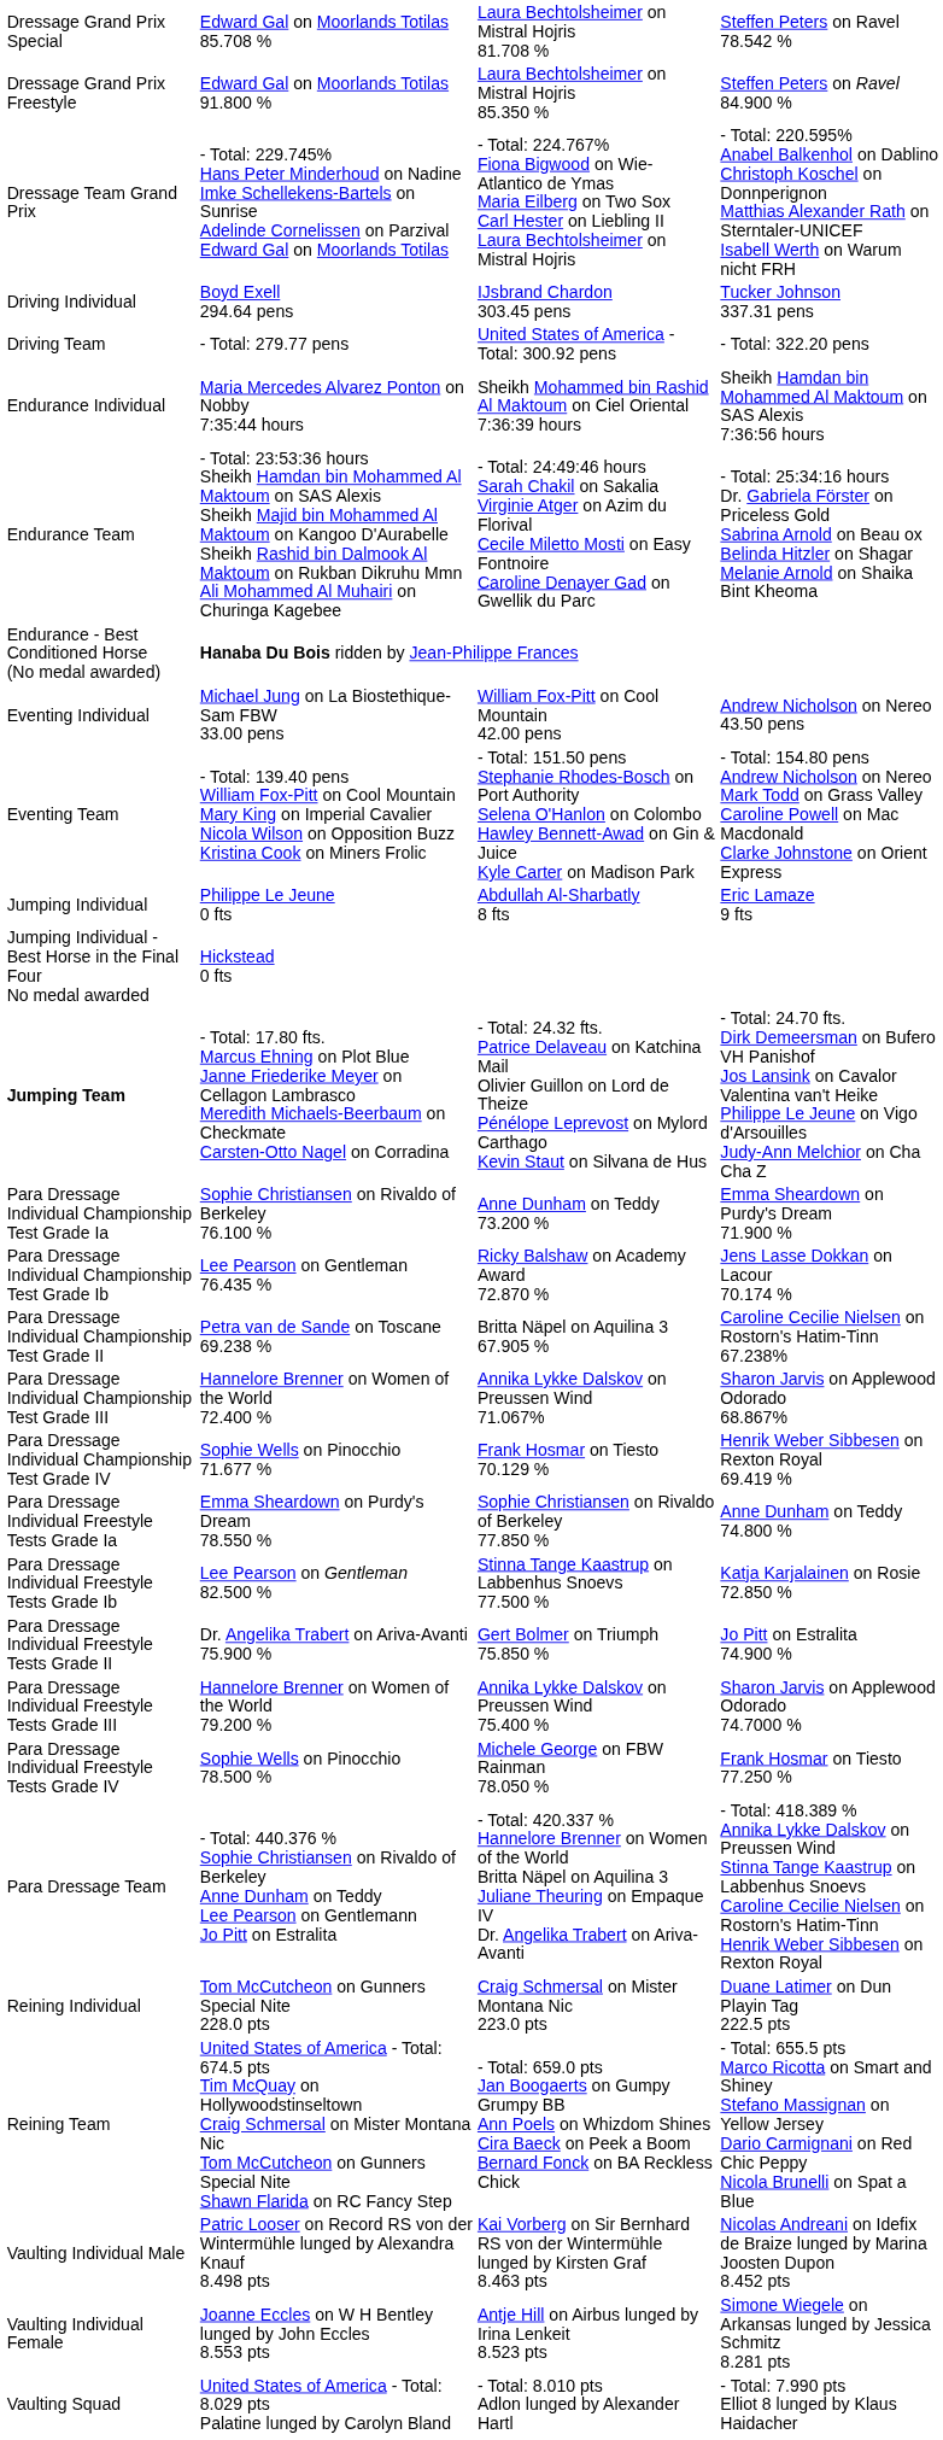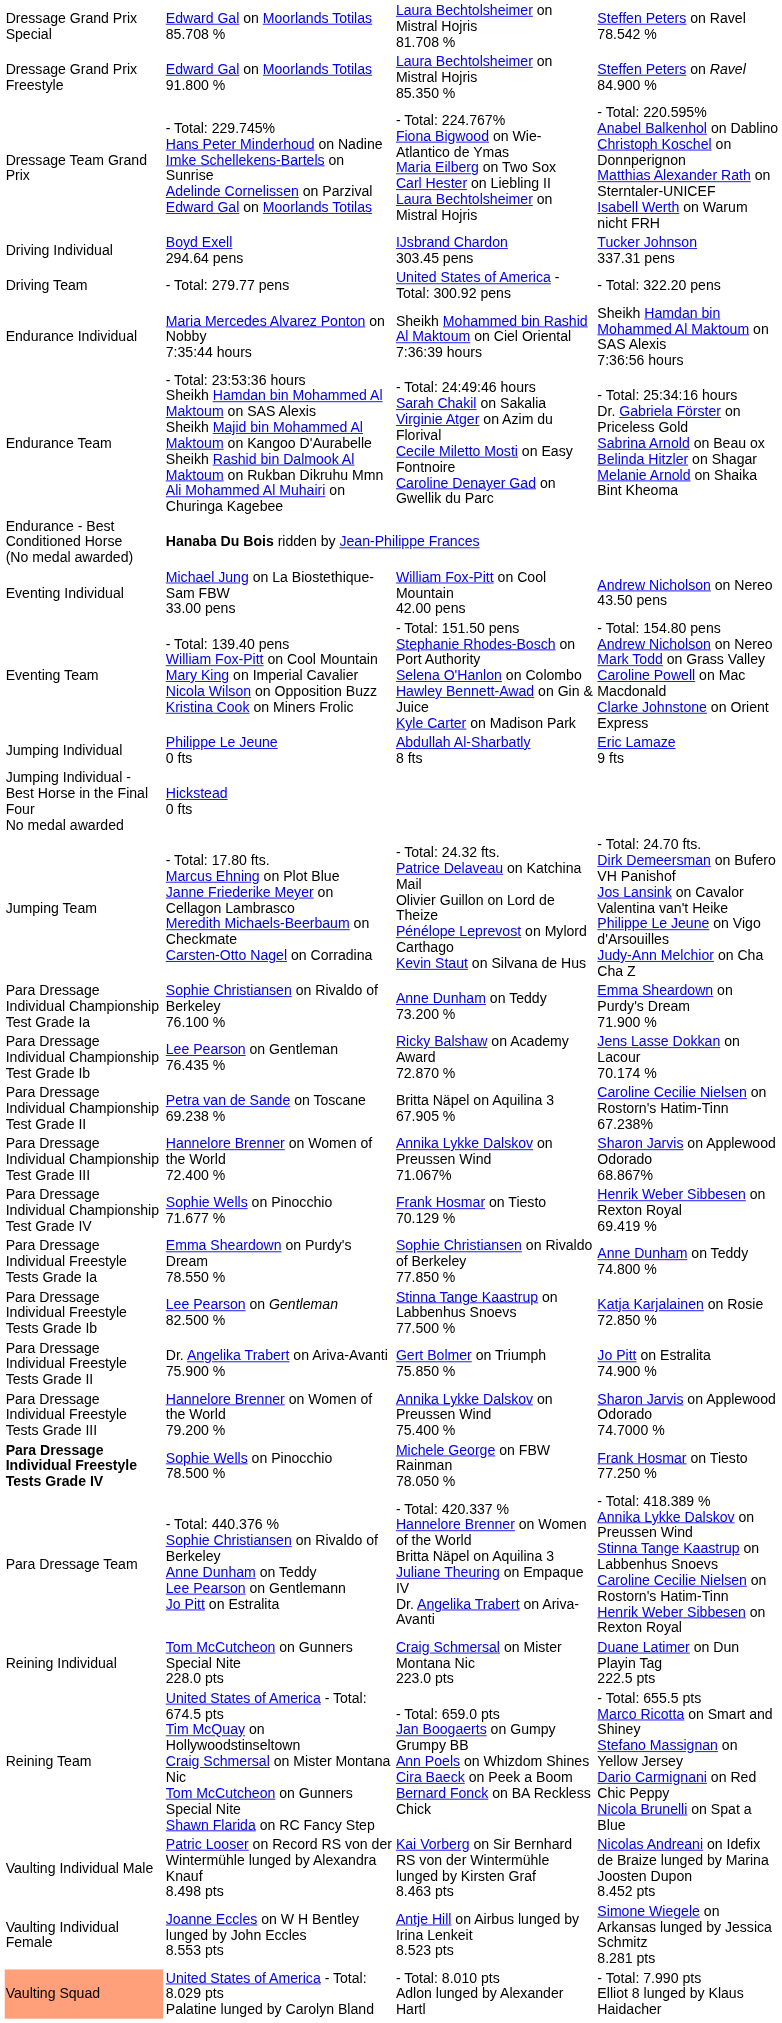 <table>
 <tr>
 <td>Dressage Grand Prix Special<br></td>
 <td colspan=2> <a href='#'>Edward Gal</a> on <a href='#'>Moorlands Totilas</a><br>85.708 %</td>
 <td colspan=2> <a href='#'>Laura Bechtolsheimer</a> on Mistral Hojris<br>81.708 %</td>
 <td colspan=2> <a href='#'>Steffen Peters</a> on Ravel<br>78.542 %</td>
 </tr>
 <tr>
 <td>Dressage Grand Prix Freestyle<br></td>
 <td colspan=2> <a href='#'>Edward Gal</a> on <a href='#'>Moorlands Totilas</a><br>91.800 %</td>
 <td colspan=2> <a href='#'>Laura Bechtolsheimer</a> on Mistral Hojris<br>85.350 %</td>
 <td colspan=2> <a href='#'>Steffen Peters</a> on <em>Ravel</em><br>84.900 %</td>
 </tr>
 <tr>
 <td>Dressage Team Grand Prix</td>
 <td colspan=2> - Total: 229.745% <br><a href='#'>Hans Peter Minderhoud</a> on Nadine<br><a href='#'>Imke Schellekens-Bartels</a> on Sunrise<br><a href='#'>Adelinde Cornelissen</a> on Parzival<br><a href='#'>Edward Gal</a> on <a href='#'>Moorlands Totilas</a></td>
 <td colspan=2> - Total: 224.767% <br><a href='#'>Fiona Bigwood</a> on Wie-Atlantico de Ymas<br><a href='#'>Maria Eilberg</a> on Two Sox<br><a href='#'>Carl Hester</a> on Liebling II<br><a href='#'>Laura Bechtolsheimer</a> on Mistral Hojris</td>
 <td colspan=2> - Total: 220.595% <br><a href='#'>Anabel Balkenhol</a> on Dablino<br><a href='#'>Christoph Koschel</a> on Donnperignon<br><a href='#'>Matthias Alexander Rath</a> on Sterntaler-UNICEF<br><a href='#'>Isabell Werth</a> on Warum nicht FRH</td>
 </tr>
 <tr>
 <td>Driving Individual</td>
 <td colspan=2> <a href='#'>Boyd Exell</a><br>294.64 pens</td>
 <td colspan=2> <a href='#'>IJsbrand Chardon</a><br>303.45 pens</td>
 <td colspan=2> <a href='#'>Tucker Johnson</a><br>337.31 pens</td>
 </tr>
 <tr>
 <td>Driving Team</td>
 <td colspan=2> - Total: 279.77 pens</td>
 <td colspan=2> <a href='#'>United States of America</a> - Total: 300.92 pens</td>
 <td colspan=2> - Total: 322.20 pens</td>
 </tr>
 <tr>
 <td>Endurance Individual</td>
 <td colspan=2> <a href='#'>Maria Mercedes Alvarez Ponton</a> on Nobby<br>7:35:44 hours</td>
 <td colspan=2> Sheikh <a href='#'>Mohammed bin Rashid Al Maktoum</a> on Ciel Oriental<br>7:36:39 hours</td>
 <td colspan=2> Sheikh <a href='#'>Hamdan bin Mohammed Al Maktoum</a> on SAS Alexis<br>7:36:56 hours</td>
 </tr>
 <tr>
 <td>Endurance Team</td>
 <td colspan=2> - Total: 23:53:36 hours<br>Sheikh <a href='#'>Hamdan bin Mohammed Al Maktoum</a> on SAS Alexis<br>Sheikh <a href='#'>Majid bin Mohammed Al Maktoum</a> on Kangoo D'Aurabelle<br>Sheikh <a href='#'>Rashid bin Dalmook Al Maktoum</a> on Rukban Dikruhu Mmn<br><a href='#'>Ali Mohammed Al Muhairi</a> on Churinga Kagebee</td>
 <td colspan=2> - Total: 24:49:46 hours<br><a href='#'>Sarah Chakil</a> on Sakalia<br><a href='#'>Virginie Atger</a> on Azim du Florival<br><a href='#'>Cecile Miletto Mosti</a> on Easy Fontnoire<br><a href='#'>Caroline Denayer Gad</a> on Gwellik du Parc</td>
 <td colspan=2> - Total: 25:34:16 hours<br>Dr. <a href='#'>Gabriela Förster</a> on Priceless Gold<br><a href='#'>Sabrina Arnold</a> on Beau ox<br><a href='#'>Belinda Hitzler</a> on Shagar<br><a href='#'>Melanie Arnold</a> on Shaika Bint Kheoma</td>
 </tr>
 <tr>
 <td>Endurance - Best Conditioned Horse<br>(No medal awarded)</td>
 <td colspan=6> <strong>Hanaba Du Bois</strong> ridden by <a href='#'>Jean-Philippe Frances</a></td>
 </tr>
 <tr>
 <td>Eventing Individual</td>
 <td colspan=2> <a href='#'>Michael Jung</a> on La Biostethique-Sam FBW<br>33.00 pens</td>
 <td colspan=2> <a href='#'>William Fox-Pitt</a> on Cool Mountain<br>42.00 pens</td>
 <td colspan=2> <a href='#'>Andrew Nicholson</a> on Nereo<br>43.50 pens</td>
 </tr>
 <tr>
 <td>Eventing Team</td>
 <td colspan=2> - Total: 139.40 pens <br><a href='#'>William Fox-Pitt</a> on Cool Mountain<br><a href='#'>Mary King</a> on Imperial Cavalier<br><a href='#'>Nicola Wilson</a> on Opposition Buzz<br><a href='#'>Kristina Cook</a> on Miners Frolic</td>
 <td colspan=2> - Total: 151.50 pens <br><a href='#'>Stephanie Rhodes-Bosch</a> on Port Authority<br><a href='#'>Selena O'Hanlon</a> on Colombo<br><a href='#'>Hawley Bennett-Awad</a> on Gin & Juice<br><a href='#'>Kyle Carter</a> on Madison Park</td>
 <td colspan=2> - Total: 154.80 pens <br><a href='#'>Andrew Nicholson</a> on Nereo<br><a href='#'>Mark Todd</a> on Grass Valley<br><a href='#'>Caroline Powell</a> on Mac Macdonald<br><a href='#'>Clarke Johnstone</a> on Orient Express</td>
 </tr>
 <tr>
 <td>Jumping Individual</td>
 <td colspan=2> <a href='#'>Philippe Le Jeune</a> <br>0 fts</td>
 <td colspan=2> <a href='#'>Abdullah Al-Sharbatly</a> <br>8 fts</td>
 <td colspan=2> <a href='#'>Eric Lamaze</a> <br>9 fts</td>
 </tr>
 <tr>
 <td>Jumping Individual - Best Horse in the Final Four<br>No medal awarded</td>
 <td colspan=6> <a href='#'>Hickstead</a><br> 0 fts</td>
 </tr>
 <tr>
-<td><strong>Jumping Team</strong></td>
+<td>Jumping Team</td>
 <td colspan=2> - Total: 17.80 fts.<br><a href='#'>Marcus Ehning</a> on Plot Blue<br><a href='#'>Janne Friederike Meyer</a> on Cellagon Lambrasco<br><a href='#'>Meredith Michaels-Beerbaum</a> on Checkmate<br><a href='#'>Carsten-Otto Nagel</a> on Corradina</td>
 <td colspan=2> - Total: 24.32 fts.<br><a href='#'>Patrice Delaveau</a> on Katchina Mail<br>Olivier Guillon on Lord de Theize<br><a href='#'>Pénélope Leprevost</a> on Mylord Carthago<br><a href='#'>Kevin Staut</a> on Silvana de Hus</td>
 <td colspan=2> - Total: 24.70 fts.<br><a href='#'>Dirk Demeersman</a> on Bufero VH Panishof<br><a href='#'>Jos Lansink</a> on Cavalor Valentina van't Heike<br><a href='#'>Philippe Le Jeune</a> on Vigo d'Arsouilles<br><a href='#'>Judy-Ann Melchior</a> on Cha Cha Z</td>
 </tr>
 <tr>
 <td>Para Dressage Individual Championship Test Grade Ia</td>
 <td colspan=2> <a href='#'>Sophie Christiansen</a> on Rivaldo of Berkeley<br>76.100 %</td>
 <td colspan=2> <a href='#'>Anne Dunham</a> on Teddy<br>73.200 %</td>
 <td colspan=2> <a href='#'>Emma Sheardown</a> on Purdy's Dream<br>71.900 %</td>
 </tr>
 <tr>
 <td>Para Dressage Individual Championship Test Grade Ib</td>
 <td colspan=2> <a href='#'>Lee Pearson</a> on Gentleman<br>76.435 %</td>
 <td colspan=2> <a href='#'>Ricky Balshaw</a> on Academy Award<br>72.870 %</td>
 <td colspan=2> <a href='#'>Jens Lasse Dokkan</a> on Lacour<br>70.174 %</td>
 </tr>
 <tr>
 <td>Para Dressage Individual Championship Test Grade II</td>
 <td colspan=2> <a href='#'>Petra van de Sande</a> on Toscane<br>69.238 %</td>
 <td colspan=2> Britta Näpel on Aquilina 3<br>67.905 %</td>
 <td colspan=2> <a href='#'>Caroline Cecilie Nielsen</a> on Rostorn's Hatim-Tinn<br> 67.238%</td>
 </tr>
 <tr>
 <td>Para Dressage Individual Championship Test Grade III</td>
 <td colspan=2> <a href='#'>Hannelore Brenner</a> on Women of the World<br>72.400 %</td>
 <td colspan=2> <a href='#'>Annika Lykke Dalskov</a> on Preussen Wind<br> 71.067%</td>
 <td colspan=2> <a href='#'>Sharon Jarvis</a> on Applewood Odorado<br> 68.867%</td>
 </tr>
 <tr>
 <td>Para Dressage Individual Championship Test Grade IV</td>
 <td colspan=2> <a href='#'>Sophie Wells</a> on Pinocchio<br>71.677 %</td>
 <td colspan=2> <a href='#'>Frank Hosmar</a> on Tiesto<br>70.129 %</td>
 <td colspan=2> <a href='#'>Henrik Weber Sibbesen</a> on Rexton Royal<br>69.419 %</td>
 </tr>
 <tr>
 <td>Para Dressage Individual Freestyle Tests Grade Ia</td>
 <td colspan=2> <a href='#'>Emma Sheardown</a> on Purdy's Dream<br>78.550 %</td>
 <td colspan=2> <a href='#'>Sophie Christiansen</a> on Rivaldo of Berkeley<br>77.850 %</td>
 <td colspan=2> <a href='#'>Anne Dunham</a> on Teddy<br>74.800 %</td>
 </tr>
 <tr>
 <td>Para Dressage Individual Freestyle Tests Grade Ib</td>
 <td colspan=2> <a href='#'>Lee Pearson</a> on <em>Gentleman</em><br>82.500 %</td>
 <td colspan=2> <a href='#'>Stinna Tange Kaastrup</a> on Labbenhus Snoevs<br>77.500 %</td>
 <td colspan=2> <a href='#'>Katja Karjalainen</a> on Rosie<br>72.850 %</td>
 </tr>
 <tr>
 <td>Para Dressage Individual Freestyle Tests Grade II</td>
 <td colspan=2> Dr. <a href='#'>Angelika Trabert</a> on Ariva-Avanti<br>75.900 %</td>
 <td colspan=2> <a href='#'>Gert Bolmer</a> on Triumph<br>75.850 %</td>
 <td colspan=2> <a href='#'>Jo Pitt</a> on Estralita<br>74.900 %</td>
 </tr>
 <tr>
 <td>Para Dressage Individual Freestyle Tests Grade III</td>
 <td colspan=2> <a href='#'>Hannelore Brenner</a> on Women of the World<br>79.200 %</td>
 <td colspan=2> <a href='#'>Annika Lykke Dalskov</a> on Preussen Wind<br>75.400 %</td>
 <td colspan=2> <a href='#'>Sharon Jarvis</a> on Applewood Odorado<br>74.7000 %</td>
 </tr>
 <tr>
-<td>Para Dressage Individual Freestyle Tests Grade IV</td>
+<td><strong>Para Dressage Individual Freestyle Tests Grade IV</strong></td>
 <td colspan=2> <a href='#'>Sophie Wells</a> on Pinocchio<br>78.500 %</td>
 <td colspan=2> <a href='#'>Michele George</a> on FBW Rainman<br>78.050 %</td>
 <td colspan=2> <a href='#'>Frank Hosmar</a> on Tiesto<br>77.250 %</td>
 </tr>
 <tr>
 <td>Para Dressage Team</td>
 <td colspan=2> - Total: 440.376 %<br><a href='#'>Sophie Christiansen</a> on Rivaldo of Berkeley<br><a href='#'>Anne Dunham</a> on Teddy<br><a href='#'>Lee Pearson</a> on Gentlemann<br><a href='#'>Jo Pitt</a> on Estralita</td>
 <td colspan=2> - Total: 420.337 %<br><a href='#'>Hannelore Brenner</a> on Women of the World<br>Britta Näpel on Aquilina 3<br><a href='#'>Juliane Theuring</a> on Empaque IV<br>Dr. <a href='#'>Angelika Trabert</a> on Ariva-Avanti</td>
 <td colspan=2> - Total: 418.389 %<br><a href='#'>Annika Lykke Dalskov</a> on Preussen Wind<br><a href='#'>Stinna Tange Kaastrup</a> on Labbenhus Snoevs<br><a href='#'>Caroline Cecilie Nielsen</a> on Rostorn's Hatim-Tinn<br><a href='#'>Henrik Weber Sibbesen</a> on Rexton Royal</td>
 </tr>
 <tr>
 <td>Reining Individual</td>
 <td colspan=2> <a href='#'>Tom McCutcheon</a> on Gunners Special Nite<br>228.0 pts</td>
 <td colspan=2> <a href='#'>Craig Schmersal</a> on Mister Montana Nic<br>223.0 pts</td>
 <td colspan=2> <a href='#'>Duane Latimer</a> on Dun Playin Tag<br>222.5 pts</td>
 </tr>
 <tr>
 <td>Reining Team</td>
 <td colspan=2> <a href='#'>United States of America</a> - Total: 674.5 pts<br><a href='#'>Tim McQuay</a> on Hollywoodstinseltown<br><a href='#'>Craig Schmersal</a> on Mister Montana Nic<br><a href='#'>Tom McCutcheon</a> on Gunners Special Nite<br><a href='#'>Shawn Flarida</a> on RC Fancy Step</td>
 <td colspan=2> - Total: 659.0 pts<br><a href='#'>Jan Boogaerts</a> on Gumpy Grumpy BB<br><a href='#'>Ann Poels</a> on Whizdom Shines<br><a href='#'>Cira Baeck</a> on Peek a Boom<br><a href='#'>Bernard Fonck</a> on BA Reckless Chick</td>
 <td colspan=2> - Total: 655.5 pts<br><a href='#'>Marco Ricotta</a> on Smart and Shiney<br><a href='#'>Stefano Massignan</a> on Yellow Jersey<br><a href='#'>Dario Carmignani</a> on Red Chic Peppy<br><a href='#'>Nicola Brunelli</a> on Spat a Blue</td>
 </tr>
 <tr>
 <td>Vaulting Individual Male</td>
 <td colspan=2> <a href='#'>Patric Looser</a> on Record RS von der Wintermühle lunged by Alexandra Knauf<br>8.498 pts</td>
 <td colspan=2> <a href='#'>Kai Vorberg</a> on Sir Bernhard RS von der Wintermühle lunged by Kirsten Graf<br>8.463 pts</td>
 <td colspan=2> <a href='#'>Nicolas Andreani</a> on Idefix de Braize lunged by Marina Joosten Dupon<br>8.452 pts</td>
 </tr>
 <tr>
 <td>Vaulting Individual Female</td>
 <td colspan=2> <a href='#'>Joanne Eccles</a> on W H Bentley lunged by John Eccles<br>8.553 pts</td>
 <td colspan=2> <a href='#'>Antje Hill</a> on Airbus lunged by Irina Lenkeit<br>8.523 pts</td>
 <td colspan=2> <a href='#'>Simone Wiegele</a> on Arkansas lunged by Jessica Schmitz<br>8.281 pts</td>
 </tr>
 <tr>
-<td>Vaulting Squad</td>
+<td style="background: lightsalmon;">Vaulting Squad</td>
 <td colspan=2> <a href='#'>United States of America</a> - Total: 8.029 pts<br>Palatine lunged by Carolyn Bland</td>
 <td colspan=2> - Total: 8.010 pts<br>Adlon lunged by Alexander Hartl</td>
 <td colspan=2> - Total: 7.990 pts<br>Elliot 8 lunged by Klaus Haidacher</td>
 </tr>
 <tr>
 </tr>
 </table>
